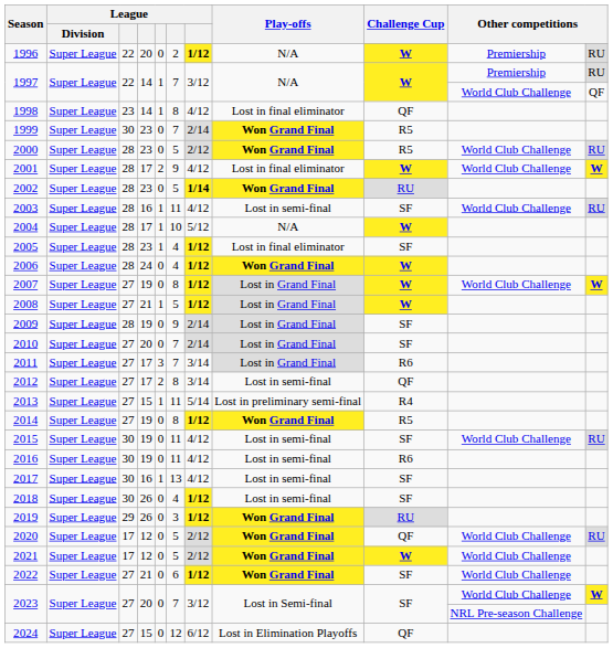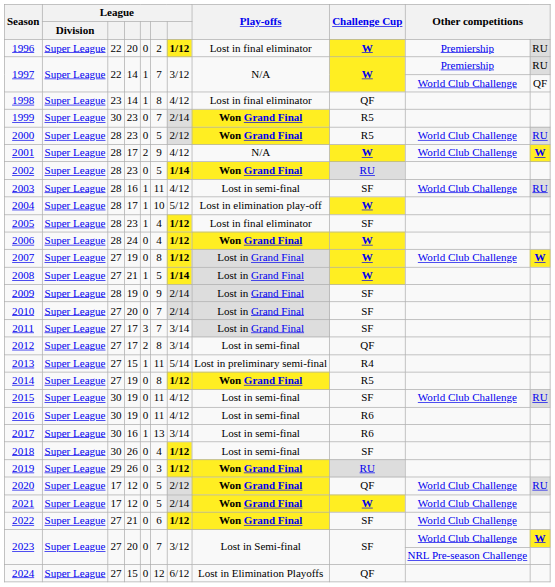 <table class="wikitable" style="text-align: center">
 <tr>
 <th rowspan="2" scope="col">Season</th>
 <th colspan="6" scope="col">League</th>
 <th rowspan="2" scope="col"><a href='#'>Play-offs</a></th>
 <th rowspan="2" scope="col"><a href='#'>Challenge Cup</a></th>
 <th colspan="2" rowspan="2" scope="col">Other competitions</th>
 </tr>
 <tr>
 <th>Division</th>
 <th></th>
 <th></th>
 <th></th>
 <th></th>
 <th></th>
 </tr>
 <tr>
 <td><a href='#'>1996</a></td>
 <td><a href='#'>Super League</a></td>
 <td>22</td>
 <td>20</td>
 <td>0</td>
 <td>2</td>
 <td style="background-color:#FE2"><strong>1/12</strong></td>
-<td>N/A</td>
+<td>Lost in final eliminator</td>
 <td style="background-color:#FE2"><strong><a href='#'>W</a></strong></td>
 <td><a href='#'>Premiership</a></td>
 <td style="background-color:#DDD">RU</td>
 </tr>
 <tr>
 <td rowspan="2" scope="row"><a href='#'>1997</a></td>
 <td rowspan="2"><a href='#'>Super League</a></td>
 <td rowspan="2">22</td>
 <td rowspan="2">14</td>
 <td rowspan="2">1</td>
 <td rowspan="2">7</td>
 <td rowspan="2">3/12</td>
 <td rowspan="2">N/A</td>
 <td rowspan="2" style="background-color:#FE2"><strong><a href='#'>W</a></strong></td>
 <td><a href='#'>Premiership</a></td>
 <td style="background-color:#DDD">RU</td>
 </tr>
 <tr>
 <td><a href='#'>World Club Challenge</a></td>
 <td>QF</td>
 </tr>
 <tr>
 <td><a href='#'>1998</a></td>
 <td><a href='#'>Super League</a></td>
 <td>23</td>
 <td>14</td>
 <td>1</td>
 <td>8</td>
 <td>4/12</td>
 <td>Lost in final eliminator</td>
 <td>QF</td>
 <td></td>
 <td></td>
 </tr>
 <tr>
 <td><a href='#'>1999</a></td>
 <td><a href='#'>Super League</a></td>
 <td>30</td>
 <td>23</td>
 <td>0</td>
 <td>7</td>
 <td style="background-color:#DDD">2/14</td>
 <td style="background-color:#FE2"><strong>Won <a href='#'>Grand Final</a></strong></td>
 <td>R5</td>
 <td></td>
 <td></td>
 </tr>
 <tr>
 <td><a href='#'>2000</a></td>
 <td><a href='#'>Super League</a></td>
 <td>28</td>
 <td>23</td>
 <td>0</td>
 <td>5</td>
 <td style="background-color:#DDD">2/12</td>
 <td style="background-color:#FE2"><strong>Won <a href='#'>Grand Final</a></strong></td>
 <td>R5</td>
 <td><a href='#'>World Club Challenge</a></td>
 <td style="background-color:#DDD"><a href='#'>RU</a></td>
 </tr>
 <tr>
 <td><a href='#'>2001</a></td>
 <td><a href='#'>Super League</a></td>
 <td>28</td>
 <td>17</td>
 <td>2</td>
 <td>9</td>
 <td>4/12</td>
-<td>Lost in final eliminator</td>
+<td>N/A</td>
 <td style="background-color:#FE2"><strong><a href='#'>W</a></strong></td>
 <td><a href='#'>World Club Challenge</a></td>
 <td style="background-color:#FE2"><strong><a href='#'>W</a></strong></td>
 </tr>
 <tr>
 <td><a href='#'>2002</a></td>
 <td><a href='#'>Super League</a></td>
 <td>28</td>
 <td>23</td>
 <td>0</td>
 <td>5</td>
 <td style="background-color:#FE2"><strong>1/14</strong></td>
 <td style="background-color:#FE2"><strong>Won <a href='#'>Grand Final</a></strong></td>
 <td style="background-color:#DDD"><a href='#'>RU</a></td>
 <td></td>
 <td></td>
 </tr>
 <tr>
 <td><a href='#'>2003</a></td>
 <td><a href='#'>Super League</a></td>
 <td>28</td>
 <td>16</td>
 <td>1</td>
 <td>11</td>
 <td>4/12</td>
 <td>Lost in semi-final</td>
 <td>SF</td>
 <td><a href='#'>World Club Challenge</a></td>
 <td style="background-color:#DDD"><a href='#'>RU</a></td>
 </tr>
 <tr>
 <td><a href='#'>2004</a></td>
 <td><a href='#'>Super League</a></td>
 <td>28</td>
 <td>17</td>
 <td>1</td>
 <td>10</td>
 <td>5/12</td>
-<td>N/A</td>
+<td>Lost in elimination play-off</td>
 <td style="background-color:#FE2"><strong><a href='#'>W</a></strong></td>
 <td></td>
 <td></td>
 </tr>
 <tr>
 <td><a href='#'>2005</a></td>
 <td><a href='#'>Super League</a></td>
 <td>28</td>
 <td>23</td>
 <td>1</td>
 <td>4</td>
 <td style="background-color:#FE2"><strong>1/12</strong></td>
 <td>Lost in final eliminator</td>
 <td>SF</td>
 <td></td>
 <td></td>
 </tr>
 <tr>
 <td><a href='#'>2006</a></td>
 <td><a href='#'>Super League</a></td>
 <td>28</td>
 <td>24</td>
 <td>0</td>
 <td>4</td>
 <td style="background-color:#FE2"><strong>1/12</strong></td>
 <td style="background-color:#FE2"><strong>Won <a href='#'>Grand Final</a></strong></td>
 <td style="background-color:#FE2"><strong><a href='#'>W</a></strong></td>
 <td></td>
 <td></td>
 </tr>
 <tr>
 <td><a href='#'>2007</a></td>
 <td><a href='#'>Super League</a></td>
 <td>27</td>
 <td>19</td>
 <td>0</td>
 <td>8</td>
 <td style="background-color:#FE2"><strong>1/12</strong></td>
 <td style="background-color:#DDD">Lost in <a href='#'>Grand Final</a></td>
 <td style="background-color:#FE2"><strong><a href='#'>W</a></strong></td>
 <td><a href='#'>World Club Challenge</a></td>
 <td style="background-color:#FE2"><strong><a href='#'>W</a></strong></td>
 </tr>
 <tr>
 <td><a href='#'>2008</a></td>
 <td><a href='#'>Super League</a></td>
 <td>27</td>
 <td>21</td>
 <td>1</td>
 <td>5</td>
-<td style="background-color:#FE2"><strong>1/12</strong></td>
+<td style="background-color:#FE2"><strong>1/14</strong></td>
 <td style="background-color:#DDD">Lost in <a href='#'>Grand Final</a></td>
 <td style="background-color:#FE2"><strong><a href='#'>W</a></strong></td>
 <td></td>
 <td></td>
 </tr>
 <tr>
 <td><a href='#'>2009</a></td>
 <td><a href='#'>Super League</a></td>
 <td>28</td>
 <td>19</td>
 <td>0</td>
 <td>9</td>
 <td style="background-color:#DDD">2/14</td>
 <td style="background-color:#DDD">Lost in <a href='#'>Grand Final</a></td>
 <td>SF</td>
 <td></td>
 <td></td>
 </tr>
 <tr>
 <td><a href='#'>2010</a></td>
 <td><a href='#'>Super League</a></td>
 <td>27</td>
 <td>20</td>
 <td>0</td>
 <td>7</td>
 <td style="background-color:#DDD">2/14</td>
 <td style="background-color:#DDD">Lost in <a href='#'>Grand Final</a></td>
 <td>SF</td>
 <td></td>
 <td></td>
 </tr>
 <tr>
 <td><a href='#'>2011</a></td>
 <td><a href='#'>Super League</a></td>
 <td>27</td>
 <td>17</td>
 <td>3</td>
 <td>7</td>
 <td>3/14</td>
 <td style="background-color:#DDD">Lost in <a href='#'>Grand Final</a></td>
-<td>R6</td>
+<td>SF</td>
 <td></td>
 <td></td>
 </tr>
 <tr>
 <td><a href='#'>2012</a></td>
 <td><a href='#'>Super League</a></td>
 <td>27</td>
 <td>17</td>
 <td>2</td>
 <td>8</td>
 <td>3/14</td>
 <td>Lost in semi-final</td>
 <td>QF</td>
 <td></td>
 <td></td>
 </tr>
 <tr>
 <td><a href='#'>2013</a></td>
 <td><a href='#'>Super League</a></td>
 <td>27</td>
 <td>15</td>
 <td>1</td>
 <td>11</td>
 <td>5/14</td>
 <td>Lost in preliminary semi-final</td>
 <td>R4</td>
 <td></td>
 <td></td>
 </tr>
 <tr>
 <td><a href='#'>2014</a></td>
 <td><a href='#'>Super League</a></td>
 <td>27</td>
 <td>19</td>
 <td>0</td>
 <td>8</td>
 <td style="background-color:#FE2"><strong>1/12</strong></td>
 <td style="background-color:#FE2"><strong>Won <a href='#'>Grand Final</a></strong></td>
 <td>R5</td>
 <td></td>
 <td></td>
 </tr>
 <tr>
 <td><a href='#'>2015</a></td>
 <td><a href='#'>Super League</a></td>
 <td>30</td>
 <td>19</td>
 <td>0</td>
 <td>11</td>
 <td>4/12</td>
 <td>Lost in semi-final</td>
 <td>SF</td>
 <td><a href='#'>World Club Challenge</a></td>
 <td style="background-color:#DDD"><a href='#'>RU</a></td>
 </tr>
 <tr>
 <td><a href='#'>2016</a></td>
 <td><a href='#'>Super League</a></td>
 <td>30</td>
 <td>19</td>
 <td>0</td>
 <td>11</td>
 <td>4/12</td>
 <td>Lost in semi-final</td>
 <td>R6</td>
 <td></td>
 <td></td>
 </tr>
 <tr>
 <td><a href='#'>2017</a></td>
 <td><a href='#'>Super League</a></td>
 <td>30</td>
 <td>16</td>
 <td>1</td>
 <td>13</td>
-<td>4/12</td>
+<td>3/14</td>
 <td>Lost in semi-final</td>
-<td>SF</td>
+<td>R6</td>
 <td></td>
 <td></td>
 </tr>
 <tr>
 <td><a href='#'>2018</a></td>
 <td><a href='#'>Super League</a></td>
 <td>30</td>
 <td>26</td>
 <td>0</td>
 <td>4</td>
 <td style="background-color:#FE2"><strong>1/12</strong></td>
 <td>Lost in semi-final</td>
 <td>SF</td>
 <td></td>
 <td></td>
 </tr>
 <tr>
 <td><a href='#'>2019</a></td>
 <td><a href='#'>Super League</a></td>
 <td>29</td>
 <td>26</td>
 <td>0</td>
 <td>3</td>
 <td style="background-color:#FE2"><strong>1/12</strong></td>
 <td style="background-color:#FE2"><strong>Won <a href='#'>Grand Final</a></strong></td>
 <td style="background-color:#DDD"><a href='#'>RU</a></td>
 <td></td>
 <td></td>
 </tr>
 <tr>
 <td><a href='#'>2020</a></td>
 <td><a href='#'>Super League</a></td>
 <td>17</td>
 <td>12</td>
 <td>0</td>
 <td>5</td>
 <td style="background-color:#DDD">2/12</td>
 <td style="background-color:#FE2"><strong>Won <a href='#'>Grand Final</a></strong></td>
 <td>QF</td>
 <td><a href='#'>World Club Challenge</a></td>
 <td style="background-color:#DDD"><a href='#'>RU</a></td>
 </tr>
 <tr>
 <td><a href='#'>2021</a></td>
 <td><a href='#'>Super League</a></td>
 <td>17</td>
 <td>12</td>
 <td>0</td>
 <td>5</td>
-<td style="background-color:#DDD">2/12</td>
+<td style="background-color:#DDD">2/14</td>
 <td style="background-color:#FE2"><strong>Won <a href='#'>Grand Final</a></strong></td>
 <td style="background-color:#FE2"><strong><a href='#'>W</a></strong></td>
 <td><a href='#'>World Club Challenge</a></td>
 <td></td>
 </tr>
 <tr>
 <td><a href='#'>2022</a></td>
 <td><a href='#'>Super League</a></td>
 <td>27</td>
 <td>21</td>
 <td>0</td>
 <td>6</td>
 <td style="background-color:#FE2"><strong>1/12</strong></td>
 <td style="background-color:#FE2"><strong>Won <a href='#'>Grand Final</a></strong></td>
 <td>SF</td>
 <td><a href='#'>World Club Challenge</a></td>
 <td></td>
 </tr>
 <tr>
 <td rowspan="2"><a href='#'>2023</a></td>
 <td rowspan="2"><a href='#'>Super League</a></td>
 <td rowspan="2">27</td>
 <td rowspan="2">20</td>
 <td rowspan="2">0</td>
 <td rowspan="2">7</td>
 <td rowspan="2">3/12</td>
 <td rowspan="2">Lost in Semi-final</td>
 <td rowspan="2">SF</td>
 <td><a href='#'>World Club Challenge</a></td>
 <td style="background-color:#FE2"><strong><a href='#'>W</a></strong></td>
 </tr>
 <tr>
 <td><a href='#'>NRL Pre-season Challenge</a></td>
 <td></td>
 </tr>
 <tr>
 <td><a href='#'>2024</a></td>
 <td><a href='#'>Super League</a></td>
 <td>27</td>
 <td>15</td>
 <td>0</td>
 <td>12</td>
 <td>6/12</td>
 <td>Lost in Elimination Playoffs</td>
 <td>QF</td>
 <td></td>
 <td></td>
 </tr>
 </table>
